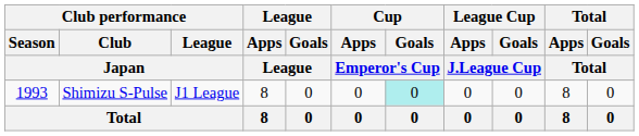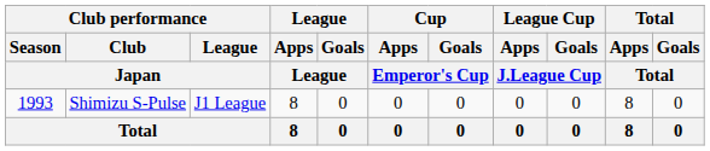 <table class="wikitable" style="text-align:center;">
 <tr>
 <th colspan=3>Club performance</th>
 <th colspan=2>League</th>
 <th colspan=2>Cup</th>
 <th colspan=2>League Cup</th>
 <th colspan=2>Total</th>
 </tr>
 <tr>
 <th>Season</th>
 <th>Club</th>
 <th>League</th>
 <th>Apps</th>
 <th>Goals</th>
 <th>Apps</th>
 <th>Goals</th>
 <th>Apps</th>
 <th>Goals</th>
 <th>Apps</th>
 <th>Goals</th>
 </tr>
 <tr>
 <th colspan=3>Japan</th>
 <th colspan=2>League</th>
 <th colspan=2><a href='#'>Emperor's Cup</a></th>
 <th colspan=2><a href='#'>J.League Cup</a></th>
 <th colspan=2>Total</th>
 </tr>
 <tr>
 <td><a href='#'>1993</a></td>
 <td><a href='#'>Shimizu S-Pulse</a></td>
 <td><a href='#'>J1 League</a></td>
 <td>8</td>
 <td>0</td>
 <td>0</td>
-<td style="background: paleturquoise;">0</td>
+<td>0</td>
 <td>0</td>
 <td>0</td>
 <td>8</td>
 <td>0</td>
 </tr>
 <tr>
 <th colspan=3>Total</th>
 <th>8</th>
 <th>0</th>
 <th>0</th>
 <th>0</th>
 <th>0</th>
 <th>0</th>
 <th>8</th>
 <th>0</th>
 </tr>
 </table>
